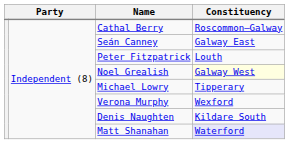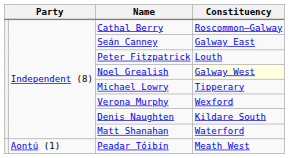 <table class="wikitable sortable">
 <tr style="border-bottom: 2px solid gray;">
 <th colspan=2>Party</th>
 <th>Name</th>
 <th>Constituency</th>
 </tr>
 <tr>
 <th rowspan=8 style="background-color:"></th>
 <td rowspan=8><a href='#'>Independent</a> (8)</td>
 <td data-sort-value="Berry, Cathal"><a href='#'>Cathal Berry</a></td>
 <td><a href='#'>Roscommon–Galway</a></td>
 </tr>
 <tr>
 <td data-sort-value="Canney, Sean"><a href='#'>Seán Canney</a></td>
 <td><a href='#'>Galway East</a></td>
 </tr>
 <tr>
 <td data-sort-value="Fitzpatrick, Peter"><a href='#'>Peter Fitzpatrick</a></td>
 <td><a href='#'>Louth</a></td>
 </tr>
 <tr>
 <td data-sort-value="Grealish, Noel"><a href='#'>Noel Grealish</a></td>
 <td style="background: lightyellow;"><a href='#'>Galway West</a></td>
 </tr>
 <tr>
 <td data-sort-value="Lowry, Michael"><a href='#'>Michael Lowry</a></td>
 <td><a href='#'>Tipperary</a></td>
 </tr>
 <tr>
 <td data-sort-value="Murphy, Verona"><a href='#'>Verona Murphy</a></td>
 <td><a href='#'>Wexford</a></td>
 </tr>
 <tr>
 <td data-sort-value="Collins, Michael"><a href='#'>Denis Naughten</a></td>
 <td><a href='#'>Kildare South</a></td>
 </tr>
 <tr>
 <td data-sort-value="Shanahan, Matt"><a href='#'>Matt Shanahan</a></td>
-<td style="background: lavender;"><a href='#'>Waterford</a></td>
+<td><a href='#'>Waterford</a></td>
+</tr>
+<tr>
+<th rowspan=1 style="background-color:"></th>
+<td><a href='#'>Aontú</a> (1)</td>
+<td data-sort-value="Toibin, Peadar"><a href='#'>Peadar Tóibín</a></td>
+<td><a href='#'>Meath West</a></td>
 </tr>
 </table>
